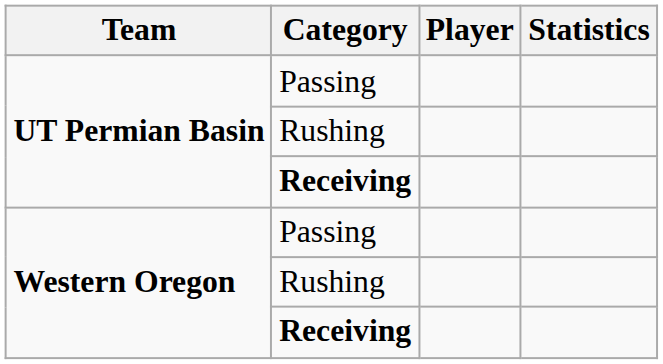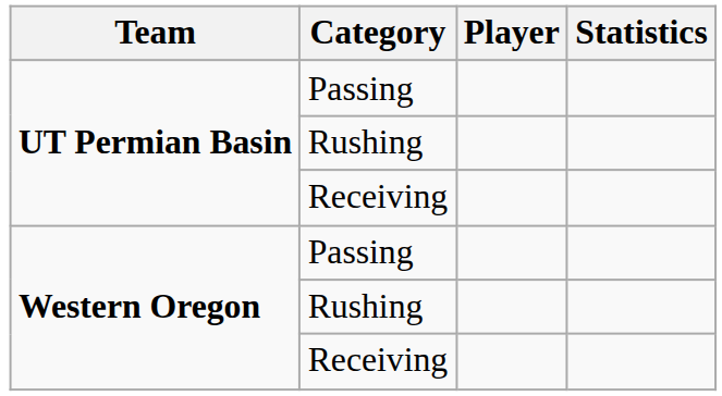 <table class="wikitable" style="float: right;">
 <tr>
 <th>Team</th>
 <th>Category</th>
 <th>Player</th>
 <th>Statistics</th>
 </tr>
 <tr>
 <td rowspan=3><strong>UT Permian Basin</strong></td>
 <td>Passing</td>
 <td></td>
 <td></td>
 </tr>
 <tr>
 <td>Rushing</td>
 <td></td>
 <td></td>
 </tr>
 <tr>
-<td><strong>Receiving</strong></td>
+<td>Receiving</td>
 <td></td>
 <td></td>
 </tr>
 <tr>
 <td rowspan=3><strong>Western Oregon</strong></td>
 <td>Passing</td>
 <td></td>
 <td></td>
 </tr>
 <tr>
 <td>Rushing</td>
 <td></td>
 <td></td>
 </tr>
 <tr>
-<td><strong>Receiving</strong></td>
+<td>Receiving</td>
 <td></td>
 <td></td>
 </tr>
 </table>
